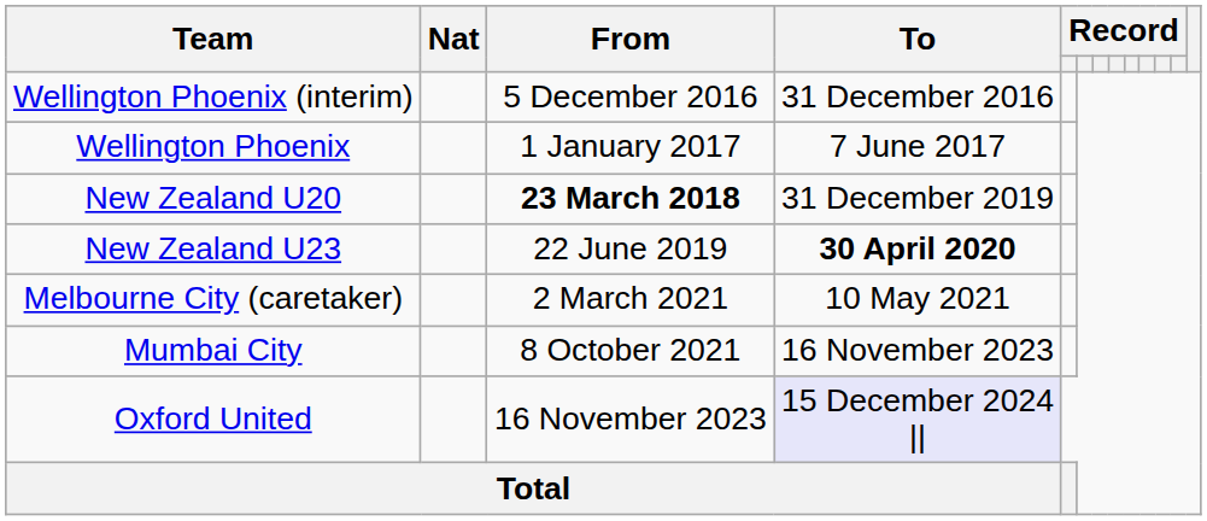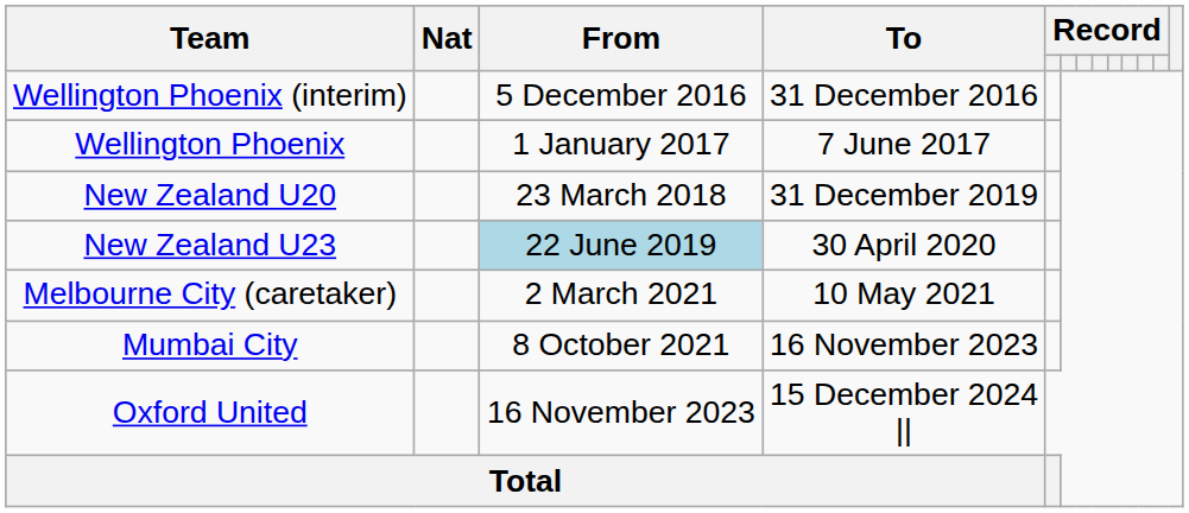 <table class="wikitable" style="text-align: center;">
 <tr>
 <th rowspan="2">Team</th>
 <th rowspan="2">Nat</th>
 <th rowspan="2">From</th>
 <th rowspan="2">To</th>
 <th colspan="8">Record</th>
 <th rowspan="2"></th>
 </tr>
 <tr>
 <th></th>
 <th></th>
 <th></th>
 <th></th>
 <th></th>
 <th></th>
 <th></th>
 <th></th>
 </tr>
 <tr>
 <td><a href='#'>Wellington Phoenix</a> (interim)</td>
 <td></td>
 <td>5 December 2016</td>
 <td>31 December 2016<br></td>
 <td></td>
 </tr>
 <tr>
 <td><a href='#'>Wellington Phoenix</a></td>
 <td></td>
 <td>1 January 2017</td>
 <td>7 June 2017<br></td>
 <td></td>
 </tr>
 <tr>
 <td><a href='#'>New Zealand U20</a></td>
 <td></td>
-<td><strong>23 March 2018</strong></td>
+<td>23 March 2018</td>
 <td>31 December 2019<br></td>
 <td></td>
 </tr>
 <tr>
 <td><a href='#'>New Zealand U23</a></td>
 <td></td>
-<td>22 June 2019</td>
-<td><strong>30 April 2020<br></strong></td>
+<td style="background: lightblue;">22 June 2019</td>
+<td>30 April 2020<br></td>
 <td></td>
 </tr>
 <tr>
 <td><a href='#'>Melbourne City</a> (caretaker)</td>
 <td></td>
 <td>2 March 2021</td>
 <td>10 May 2021<br></td>
 <td></td>
 </tr>
 <tr>
 <td><a href='#'>Mumbai City</a></td>
 <td></td>
 <td>8 October 2021</td>
 <td>16 November 2023<br></td>
 <td></td>
 </tr>
 <tr>
 <td><a href='#'>Oxford United</a></td>
 <td></td>
 <td>16 November 2023</td>
-<td style="background: lavender;">15 December 2024<br> ||</td>
+<td>15 December 2024<br> ||</td>
 </tr>
 <tr>
 <th colspan="4">Total<br></th>
 <th></th>
 </tr>
 </table>
